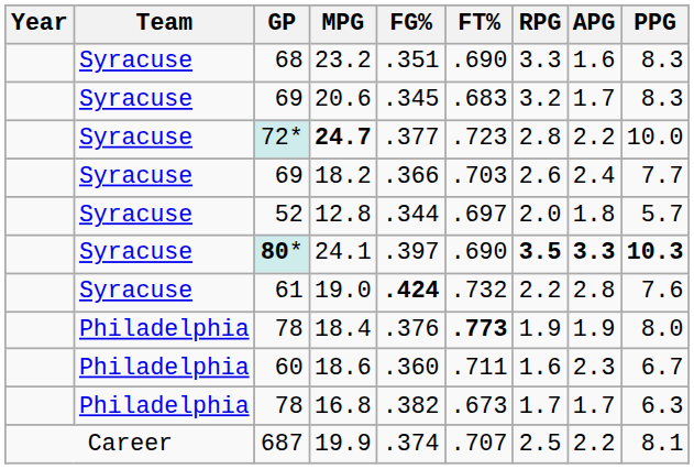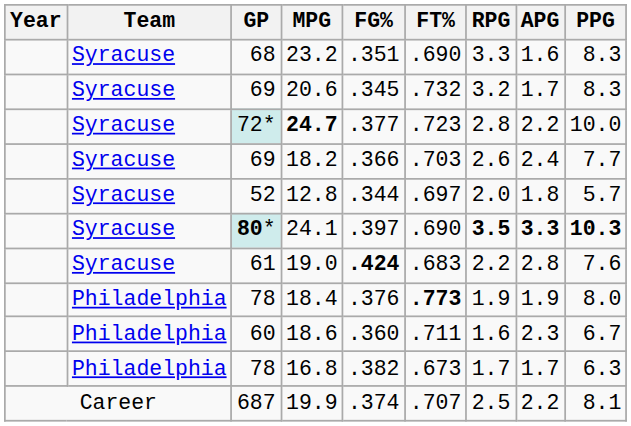 <table class="wikitable sortable" style="font-size:95%; text-align:right;">
 <tr>
 <th>Year</th>
 <th>Team</th>
 <th>GP</th>
 <th>MPG</th>
 <th>FG%</th>
 <th>FT%</th>
 <th>RPG</th>
 <th>APG</th>
 <th>PPG</th>
 </tr>
 <tr>
 <td style="text-align:left;"></td>
 <td style="text-align:left;"><a href='#'>Syracuse</a></td>
 <td>68</td>
 <td>23.2</td>
 <td>.351</td>
 <td>.690</td>
 <td>3.3</td>
 <td>1.6</td>
 <td>8.3</td>
 </tr>
 <tr>
 <td style="text-align:left;"></td>
 <td style="text-align:left;"><a href='#'>Syracuse</a></td>
 <td>69</td>
 <td>20.6</td>
 <td>.345</td>
-<td>.683</td>
+<td>.732</td>
 <td>3.2</td>
 <td>1.7</td>
 <td>8.3</td>
 </tr>
 <tr>
 <td style="text-align:left;"></td>
 <td style="text-align:left;"><a href='#'>Syracuse</a></td>
 <td style="background:#CFECEC;">72*</td>
 <td><strong>24.7</strong></td>
 <td>.377</td>
 <td>.723</td>
 <td>2.8</td>
 <td>2.2</td>
 <td>10.0</td>
 </tr>
 <tr>
 <td style="text-align:left;"></td>
 <td style="text-align:left;"><a href='#'>Syracuse</a></td>
 <td>69</td>
 <td>18.2</td>
 <td>.366</td>
 <td>.703</td>
 <td>2.6</td>
 <td>2.4</td>
 <td>7.7</td>
 </tr>
 <tr>
 <td style="text-align:left;"></td>
 <td style="text-align:left;"><a href='#'>Syracuse</a></td>
 <td>52</td>
 <td>12.8</td>
 <td>.344</td>
 <td>.697</td>
 <td>2.0</td>
 <td>1.8</td>
 <td>5.7</td>
 </tr>
 <tr>
 <td style="text-align:left;"></td>
 <td style="text-align:left;"><a href='#'>Syracuse</a></td>
 <td style="background:#CFECEC;"><strong>80</strong>*</td>
 <td>24.1</td>
 <td>.397</td>
 <td>.690</td>
 <td><strong>3.5</strong></td>
 <td><strong>3.3</strong></td>
 <td><strong>10.3</strong></td>
 </tr>
 <tr>
 <td style="text-align:left;"></td>
 <td style="text-align:left;"><a href='#'>Syracuse</a></td>
 <td>61</td>
 <td>19.0</td>
 <td><strong>.424</strong></td>
-<td>.732</td>
+<td>.683</td>
 <td>2.2</td>
 <td>2.8</td>
 <td>7.6</td>
 </tr>
 <tr>
 <td style="text-align:left;"></td>
 <td style="text-align:left;"><a href='#'>Philadelphia</a></td>
 <td>78</td>
 <td>18.4</td>
 <td>.376</td>
 <td><strong>.773</strong></td>
 <td>1.9</td>
 <td>1.9</td>
 <td>8.0</td>
 </tr>
 <tr>
 <td style="text-align:left;"></td>
 <td style="text-align:left;"><a href='#'>Philadelphia</a></td>
 <td>60</td>
 <td>18.6</td>
 <td>.360</td>
 <td>.711</td>
 <td>1.6</td>
 <td>2.3</td>
 <td>6.7</td>
 </tr>
 <tr>
 <td style="text-align:left;"></td>
 <td style="text-align:left;"><a href='#'>Philadelphia</a></td>
 <td>78</td>
 <td>16.8</td>
 <td>.382</td>
 <td>.673</td>
 <td>1.7</td>
 <td>1.7</td>
 <td>6.3</td>
 </tr>
 <tr>
 <td colspan="2" style="text-align:center;">Career</td>
 <td>687</td>
 <td>19.9</td>
 <td>.374</td>
 <td>.707</td>
 <td>2.5</td>
 <td>2.2</td>
 <td>8.1</td>
 </tr>
 </table>
